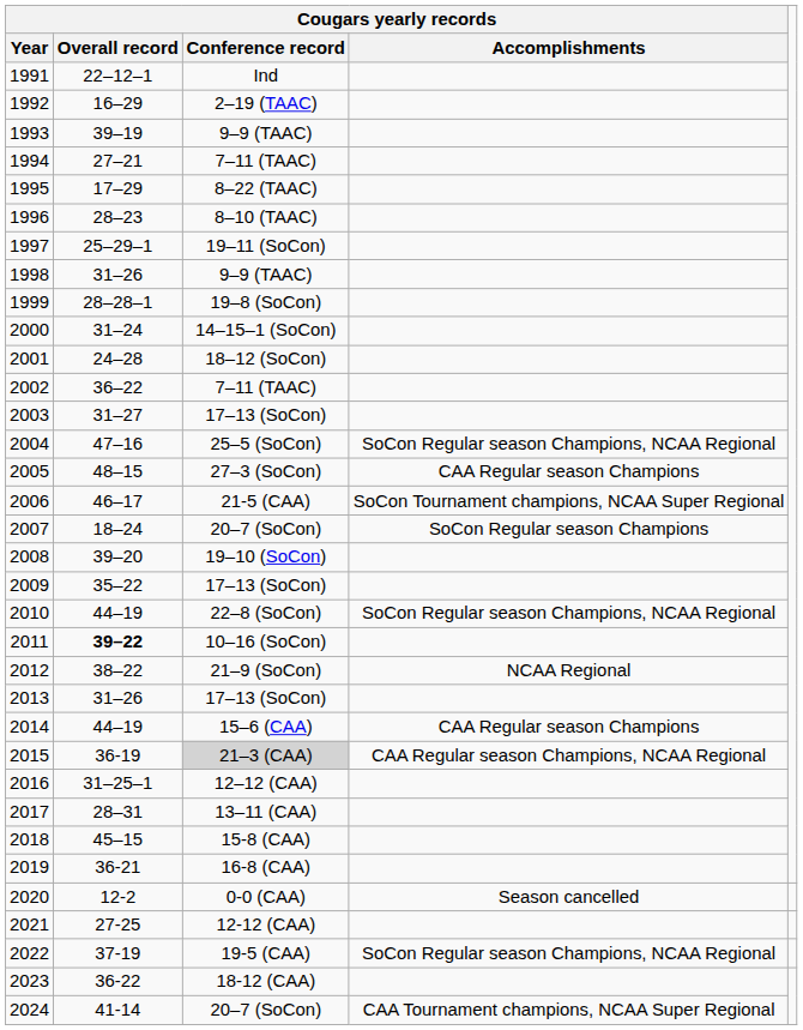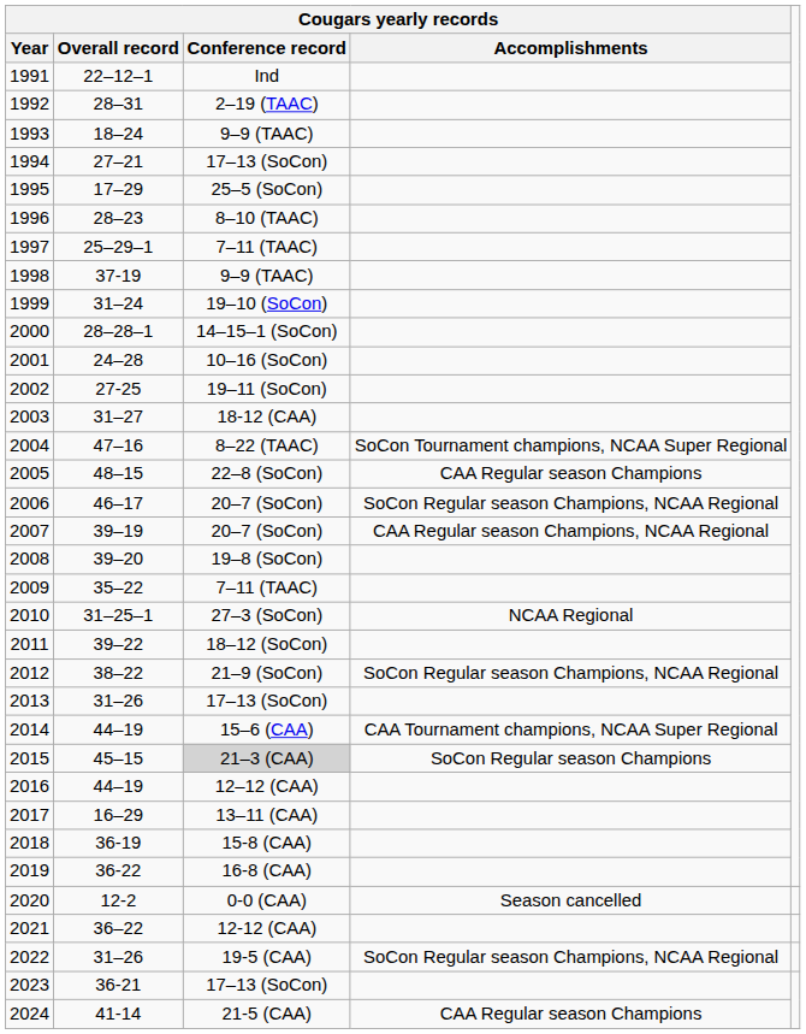 <table class="wikitable sortable" style="text-align:center">
 <tr>
 <th colspan=4>Cougars yearly records</th>
 </tr>
 <tr>
 <th>Year</th>
 <th>Overall record</th>
 <th>Conference record</th>
 <th>Accomplishments</th>
 </tr>
 <tr>
 <td>1991</td>
 <td>22–12–1</td>
 <td>Ind</td>
 <td></td>
 </tr>
 <tr>
 <td>1992</td>
-<td>16–29</td>
+<td>28–31</td>
 <td>2–19 (<a href='#'>TAAC</a>)</td>
 <td></td>
 </tr>
 <tr>
 <td>1993</td>
-<td>39–19</td>
+<td>18–24</td>
 <td>9–9 (TAAC)</td>
 <td></td>
 </tr>
 <tr>
 <td>1994</td>
 <td>27–21</td>
-<td>7–11 (TAAC)</td>
+<td>17–13 (SoCon)</td>
 <td></td>
 </tr>
 <tr>
 <td>1995</td>
 <td>17–29</td>
-<td>8–22 (TAAC)</td>
+<td>25–5 (SoCon)</td>
 <td></td>
 </tr>
 <tr>
 <td>1996</td>
 <td>28–23</td>
 <td>8–10 (TAAC)</td>
 <td></td>
 </tr>
 <tr>
 <td>1997</td>
 <td>25–29–1</td>
-<td>19–11 (SoCon)</td>
+<td>7–11 (TAAC)</td>
 <td></td>
 </tr>
 <tr>
 <td>1998</td>
-<td>31–26</td>
+<td>37-19</td>
 <td>9–9 (TAAC)</td>
 <td></td>
 </tr>
 <tr>
 <td>1999</td>
-<td>28–28–1</td>
-<td>19–8 (SoCon)</td>
+<td>31–24</td>
+<td>19–10 (<a href='#'>SoCon</a>)</td>
 <td></td>
 </tr>
 <tr>
 <td>2000</td>
-<td>31–24</td>
+<td>28–28–1</td>
 <td>14–15–1 (SoCon)</td>
 <td></td>
 </tr>
 <tr>
 <td>2001</td>
 <td>24–28</td>
-<td>18–12 (SoCon)</td>
+<td>10–16 (SoCon)</td>
 <td></td>
 </tr>
 <tr>
 <td>2002</td>
-<td>36–22</td>
-<td>7–11 (TAAC)</td>
+<td>27-25</td>
+<td>19–11 (SoCon)</td>
 <td></td>
 </tr>
 <tr>
 <td>2003</td>
 <td>31–27</td>
-<td>17–13 (SoCon)</td>
+<td>18-12 (CAA)</td>
 <td></td>
 </tr>
 <tr>
 <td>2004</td>
 <td>47–16</td>
-<td>25–5 (SoCon)</td>
-<td>SoCon Regular season Champions, NCAA Regional</td>
+<td>8–22 (TAAC)</td>
+<td>SoCon Tournament champions, NCAA Super Regional</td>
 </tr>
 <tr>
 <td>2005</td>
 <td>48–15</td>
-<td>27–3 (SoCon)</td>
+<td>22–8 (SoCon)</td>
 <td>CAA Regular season Champions</td>
 </tr>
 <tr>
 <td>2006</td>
 <td>46–17</td>
-<td>21-5 (CAA)</td>
-<td>SoCon Tournament champions, NCAA Super Regional</td>
+<td>20–7 (SoCon)</td>
+<td>SoCon Regular season Champions, NCAA Regional</td>
 </tr>
 <tr>
 <td>2007</td>
-<td>18–24</td>
+<td>39–19</td>
 <td>20–7 (SoCon)</td>
-<td>SoCon Regular season Champions</td>
+<td>CAA Regular season Champions, NCAA Regional</td>
 </tr>
 <tr>
 <td>2008</td>
 <td>39–20</td>
-<td>19–10 (<a href='#'>SoCon</a>)</td>
+<td>19–8 (SoCon)</td>
 <td></td>
 </tr>
 <tr>
 <td>2009</td>
 <td>35–22</td>
-<td>17–13 (SoCon)</td>
+<td>7–11 (TAAC)</td>
 <td></td>
 </tr>
 <tr>
 <td>2010</td>
-<td>44–19</td>
-<td>22–8 (SoCon)</td>
-<td>SoCon Regular season Champions, NCAA Regional</td>
+<td>31–25–1</td>
+<td>27–3 (SoCon)</td>
+<td>NCAA Regional</td>
 </tr>
 <tr>
 <td>2011</td>
-<td><strong>39–22</strong></td>
-<td>10–16 (SoCon)</td>
+<td>39–22</td>
+<td>18–12 (SoCon)</td>
 <td></td>
 </tr>
 <tr>
 <td>2012</td>
 <td>38–22</td>
 <td>21–9 (SoCon)</td>
-<td>NCAA Regional</td>
+<td>SoCon Regular season Champions, NCAA Regional</td>
 </tr>
 <tr>
 <td>2013</td>
 <td>31–26</td>
 <td>17–13 (SoCon)</td>
 <td></td>
 </tr>
 <tr>
 <td>2014</td>
 <td>44–19</td>
 <td>15–6 (<a href='#'>CAA</a>)</td>
-<td>CAA Regular season Champions</td>
+<td>CAA Tournament champions, NCAA Super Regional</td>
 </tr>
 <tr>
 <td>2015</td>
-<td>36-19</td>
+<td>45–15</td>
 <td style="background: lightgrey;">21–3 (CAA)</td>
-<td>CAA Regular season Champions, NCAA Regional</td>
+<td>SoCon Regular season Champions</td>
 </tr>
 <tr>
 <td>2016</td>
-<td>31–25–1</td>
+<td>44–19</td>
 <td>12–12 (CAA)</td>
 <td></td>
 </tr>
 <tr>
 <td>2017</td>
-<td>28–31</td>
+<td>16–29</td>
 <td>13–11 (CAA)</td>
 <td></td>
 </tr>
 <tr>
 <td>2018</td>
-<td>45–15</td>
+<td>36-19</td>
 <td>15-8 (CAA)</td>
 <td></td>
 </tr>
 <tr>
 <td>2019</td>
-<td>36-21</td>
+<td>36-22</td>
 <td>16-8 (CAA)</td>
 <td></td>
 </tr>
 <tr>
 <td>2020</td>
 <td>12-2</td>
 <td>0-0 (CAA)</td>
 <td>Season cancelled</td>
 <td></td>
 </tr>
 <tr>
 <td>2021</td>
-<td>27-25</td>
+<td>36–22</td>
 <td>12-12 (CAA)</td>
 <td></td>
 </tr>
 <tr>
 <td>2022</td>
-<td>37-19</td>
+<td>31–26</td>
 <td>19-5 (CAA)</td>
 <td>SoCon Regular season Champions, NCAA Regional</td>
 <td></td>
 </tr>
 <tr>
 <td>2023</td>
-<td>36-22</td>
-<td>18-12 (CAA)</td>
+<td>36-21</td>
+<td>17–13 (SoCon)</td>
 <td></td>
 </tr>
 <tr>
 <td>2024</td>
 <td>41-14</td>
-<td>20–7 (SoCon)</td>
-<td>CAA Tournament champions, NCAA Super Regional</td>
+<td>21-5 (CAA)</td>
+<td>CAA Regular season Champions</td>
 </tr>
 </table>
